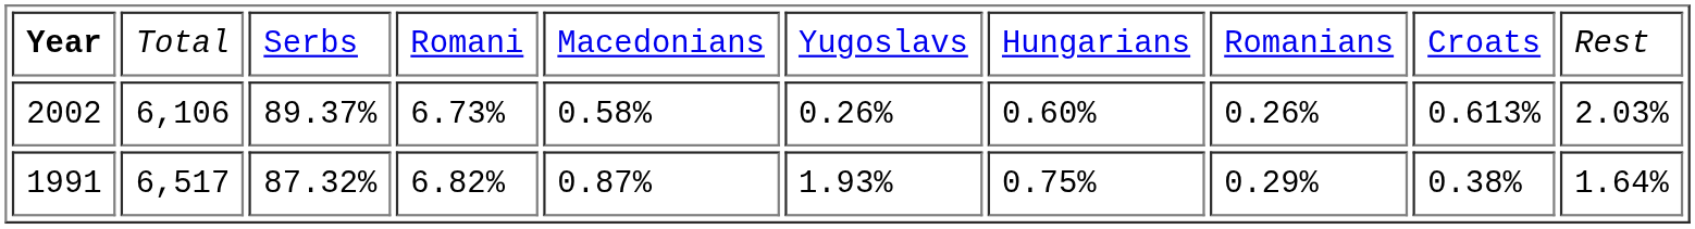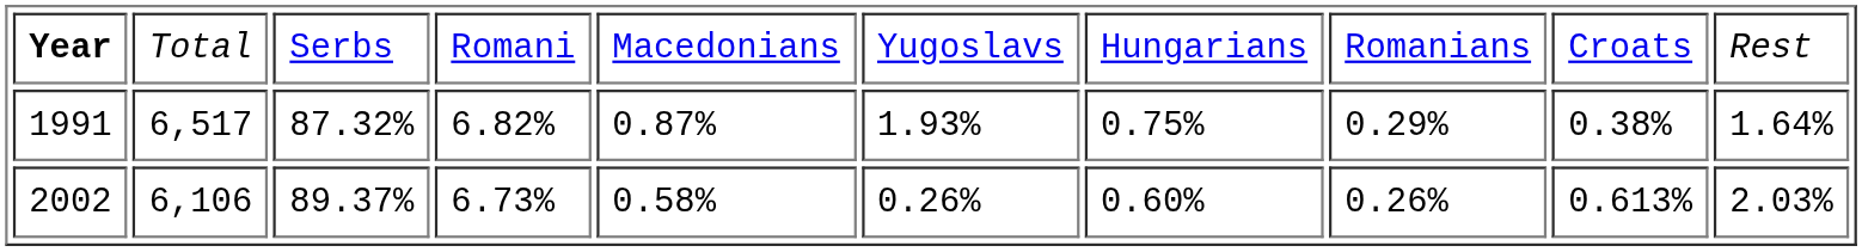 <table border="1" align="center" cellpadding="5">
 <tr ---->
 <td align="“left”"><strong>Year</strong></td>
 <td style="“font-family:Monospace;”"><em>Total</em></td>
 <td align="“left”"><a href='#'>Serbs</a></td>
 <td align="“left”"><a href='#'>Romani</a></td>
 <td align="“left”"><a href='#'>Macedonians</a></td>
 <td align="“left”"><a href='#'>Yugoslavs</a></td>
 <td align="“left”"><a href='#'>Hungarians</a></td>
 <td align="“left”"><a href='#'>Romanians</a></td>
 <td align="“left”"><a href='#'>Croats</a></td>
 <td align="“left”"><em>Rest</em></td>
 </tr>
 <tr ---->
+<td align="“left”">1991</td>
+<td style="“font-family:Monospace;”">6,517</td>
+<td align="“left”">87.32%</td>
+<td align="“left”">6.82%</td>
+<td align="“left”">0.87%</td>
+<td align="“left”">1.93%</td>
+<td align="“left”">0.75%</td>
+<td align="“left”">0.29%</td>
+<td align="“left”">0.38%</td>
+<td align="“left”">1.64%</td>
+</tr>
+<tr ---->
 <td align="“left”">2002</td>
 <td style="“font-family:Monospace;”">6,106</td>
 <td align="“left”">89.37%</td>
 <td align="“left”">6.73%</td>
 <td align="“left”">0.58%</td>
 <td align="“left”">0.26%</td>
 <td align="“left”">0.60%</td>
 <td align="“left”">0.26%</td>
 <td align="“left”">0.613%</td>
 <td align="“left”">2.03%</td>
 </tr>
-<tr ---->
-<td align="“left”">1991</td>
-<td style="“font-family:Monospace;”">6,517</td>
-<td align="“left”">87.32%</td>
-<td align="“left”">6.82%</td>
-<td align="“left”">0.87%</td>
-<td align="“left”">1.93%</td>
-<td align="“left”">0.75%</td>
-<td align="“left”">0.29%</td>
-<td align="“left”">0.38%</td>
-<td align="“left”">1.64%</td>
-</tr>
 </table>
